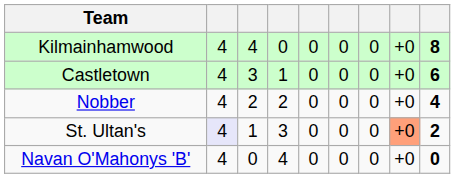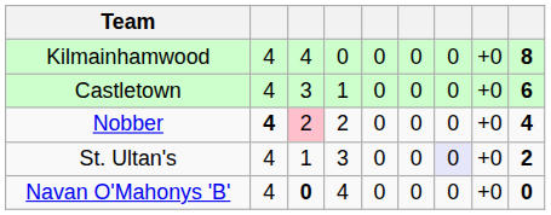 <table class="wikitable" style="text-align:center">
 <tr>
 <th width="175">Team</th>
 <th width="20"></th>
 <th width="20"></th>
 <th width="20"></th>
 <th width="20"></th>
 <th width="20"></th>
 <th width="20"></th>
 <th width="20"></th>
 <th width="20"></th>
 </tr>
 <tr style="background:#cfc;">
 <td>Kilmainhamwood</td>
 <td>4</td>
 <td>4</td>
 <td>0</td>
 <td>0</td>
 <td>0</td>
 <td>0</td>
 <td>+0</td>
 <td><strong>8</strong></td>
 </tr>
 <tr style="background:#cfc;">
 <td>Castletown</td>
 <td>4</td>
 <td>3</td>
 <td>1</td>
 <td>0</td>
 <td>0</td>
 <td>0</td>
 <td>+0</td>
 <td><strong>6</strong></td>
 </tr>
 <tr>
 <td><a href='#'>Nobber</a></td>
-<td>4</td>
-<td>2</td>
+<td><strong>4</strong></td>
+<td style="background: pink;">2</td>
 <td>2</td>
 <td>0</td>
 <td>0</td>
 <td>0</td>
 <td>+0</td>
 <td><strong>4</strong></td>
 </tr>
 <tr>
 <td>St. Ultan's</td>
-<td style="background: lavender;">4</td>
+<td>4</td>
 <td>1</td>
 <td>3</td>
 <td>0</td>
 <td>0</td>
-<td>0</td>
-<td style="background: lightsalmon;">+0</td>
+<td style="background: lavender;">0</td>
+<td>+0</td>
 <td><strong>2</strong></td>
 </tr>
 <tr>
 <td><a href='#'>Navan O'Mahonys 'B'</a></td>
 <td>4</td>
-<td>0</td>
+<td><strong>0</strong></td>
 <td>4</td>
 <td>0</td>
 <td>0</td>
 <td>0</td>
 <td>+0</td>
 <td><strong>0</strong></td>
 </tr>
 </table>
